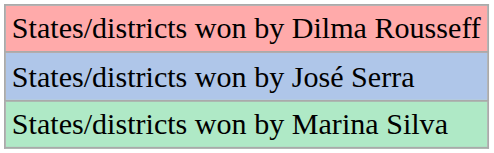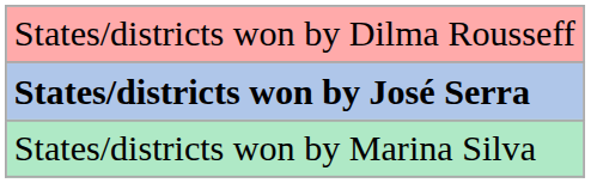 <table class="wikitable">
 <tr style="background-color: #ffaaaa">
 <td>States/districts won by Dilma Rousseff</td>
 </tr>
 <tr style="background-color: #afc6e9">
-<td>States/districts won by José Serra</td>
+<td><strong>States/districts won by José Serra</strong></td>
 </tr>
 <tr style="background-color: #afe9c6">
 <td>States/districts won by Marina Silva</td>
 </tr>
 </table>
